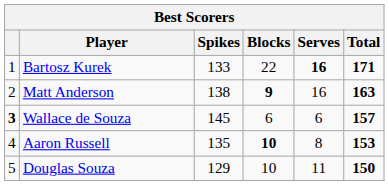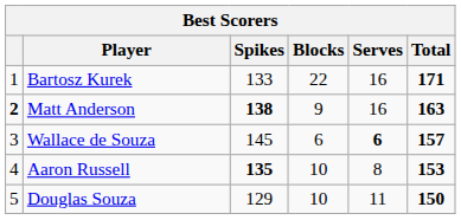 <table class="wikitable sortable" style=font-size:90%>
 <tr>
 <th colspan=6>Best Scorers</th>
 </tr>
 <tr>
 <th></th>
 <th width=158>Player</th>
 <th width=20>Spikes</th>
 <th width=20>Blocks</th>
 <th width=20>Serves</th>
 <th width=20>Total</th>
 </tr>
 <tr>
 <td align=center>1</td>
 <td> <a href='#'>Bartosz Kurek</a></td>
 <td align=center>133</td>
 <td align=center>22</td>
-<td align=center><strong>16</strong></td>
+<td align=center>16</td>
 <td align=center><strong>171</strong></td>
 </tr>
 <tr>
-<td align=center>2</td>
+<td align=center><strong>2</strong></td>
 <td> <a href='#'>Matt Anderson</a></td>
-<td align=center>138</td>
-<td align=center><strong>9</strong></td>
+<td align=center><strong>138</strong></td>
+<td align=center>9</td>
 <td align=center>16</td>
 <td align=center><strong>163</strong></td>
 </tr>
 <tr>
-<td align=center><strong>3</strong></td>
+<td align=center>3</td>
 <td> <a href='#'>Wallace de Souza</a></td>
 <td align=center>145</td>
 <td align=center>6</td>
-<td align=center>6</td>
+<td align=center><strong>6</strong></td>
 <td align=center><strong>157</strong></td>
 </tr>
 <tr>
 <td align=center>4</td>
 <td> <a href='#'>Aaron Russell</a></td>
-<td align=center>135</td>
-<td align=center><strong>10</strong></td>
+<td align=center><strong>135</strong></td>
+<td align=center>10</td>
 <td align=center>8</td>
 <td align=center><strong>153</strong></td>
 </tr>
 <tr>
 <td align=center>5</td>
 <td> <a href='#'>Douglas Souza</a></td>
 <td align=center>129</td>
 <td align=center>10</td>
 <td align=center>11</td>
 <td align=center><strong>150</strong></td>
 </tr>
 </table>
